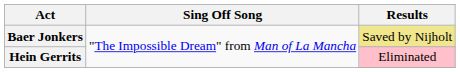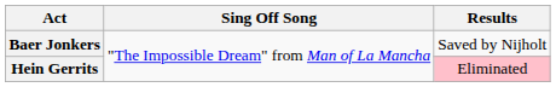 <table class="wikitable plainrowheaders" style="text-align:center;">
 <tr>
 <th scope="col">Act</th>
 <th scope="col">Sing Off Song</th>
 <th scope="col">Results</th>
 </tr>
 <tr>
 <th scope="row">Baer Jonkers</th>
 <td rowspan="2">"<a href='#'>The Impossible Dream</a>" from <em><a href='#'>Man of La Mancha</a></em></td>
-<td style="background: khaki;">Saved by Nijholt</td>
+<td>Saved by Nijholt</td>
 </tr>
 <tr>
 <th scope="row">Hein Gerrits</th>
 <td style="background:pink;">Eliminated</td>
 </tr>
 </table>
